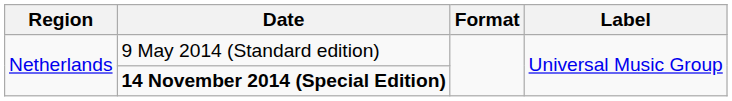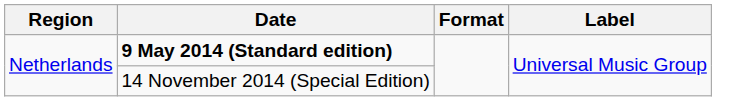 <table class=wikitable>
 <tr>
 <th>Region</th>
 <th>Date</th>
 <th>Format</th>
 <th>Label</th>
 </tr>
 <tr>
 <td rowspan="2"><a href='#'>Netherlands</a></td>
-<td>9 May 2014 (Standard edition)</td>
+<td><strong>9 May 2014 (Standard edition)</strong></td>
 <td rowspan="2"></td>
 <td rowspan="2"><a href='#'>Universal Music Group</a></td>
 </tr>
 <tr>
-<td><strong>14 November 2014 (Special Edition)</strong></td>
+<td>14 November 2014 (Special Edition)</td>
 </tr>
 </table>
